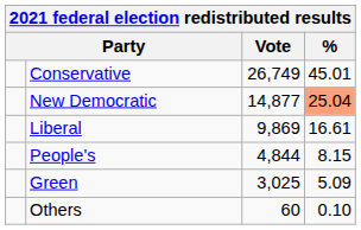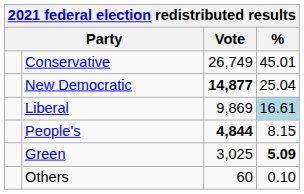 <table class="wikitable">
 <tr>
 <th colspan="4"><a href='#'>2021 federal election</a> redistributed results</th>
 </tr>
 <tr>
 <th bgcolor="#DDDDFF" width="130px" colspan="2">Party</th>
 <th bgcolor="#DDDDFF" width="50px">Vote</th>
 <th bgcolor="#DDDDFF" width="30px">%</th>
 </tr>
 <tr>
 <td> </td>
 <td><a href='#'>Conservative</a></td>
 <td align=right>26,749</td>
 <td align=right>45.01</td>
 </tr>
 <tr>
 <td> </td>
 <td><a href='#'>New Democratic</a></td>
-<td align=right>14,877</td>
-<td align=right style="background: lightsalmon;">25.04</td>
+<td align=right><strong>14,877</strong></td>
+<td align=right>25.04</td>
 </tr>
 <tr>
 <td> </td>
 <td><a href='#'>Liberal</a></td>
 <td align=right>9,869</td>
-<td align=right>16.61</td>
+<td align=right style="background: lightblue;">16.61</td>
 </tr>
 <tr>
 <td> </td>
 <td><a href='#'>People's</a></td>
-<td align=right>4,844</td>
+<td align=right><strong>4,844</strong></td>
 <td align=right>8.15</td>
 </tr>
 <tr>
 <td> </td>
 <td><a href='#'>Green</a></td>
 <td align=right>3,025</td>
-<td align=right>5.09</td>
+<td align=right><strong>5.09</strong></td>
 </tr>
 <tr>
 <td> </td>
 <td>Others</td>
 <td align=right>60</td>
 <td align=right>0.10</td>
 </tr>
 </table>
